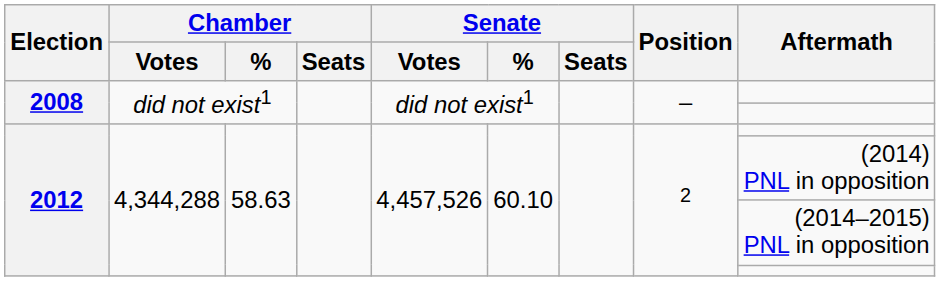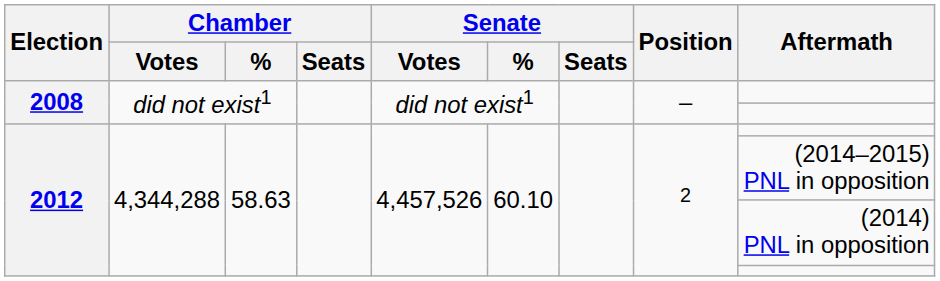 <table class="wikitable" style="text-align: right;">
 <tr>
 <th rowspan="2">Election</th>
 <th colspan="3"><a href='#'>Chamber</a></th>
 <th colspan="3"><a href='#'>Senate</a></th>
 <th rowspan="2">Position</th>
 <th rowspan="2">Aftermath</th>
 </tr>
 <tr>
 <th>Votes</th>
 <th>%</th>
 <th>Seats</th>
 <th>Votes</th>
 <th>%</th>
 <th>Seats</th>
 </tr>
 <tr>
 <th rowspan=2><a href='#'>2008</a></th>
 <td rowspan=2; colspan=2; style="text-align: center;"><em>did not exist</em><sup>1</sup></td>
 <td rowspan=2></td>
 <td rowspan=2; colspan=2; style="text-align: center;"><em>did not exist</em><sup>1</sup></td>
 <td rowspan=2></td>
 <td rowspan=2; style="text-align: center;">–</td>
 <td></td>
 </tr>
 <tr>
 <td></td>
 </tr>
 <tr>
 <th rowspan=4><a href='#'>2012</a></th>
 <td rowspan=4>4,344,288</td>
 <td rowspan=4>58.63</td>
 <td rowspan=4></td>
 <td rowspan=4>4,457,526</td>
 <td rowspan=4>60.10</td>
 <td rowspan=4></td>
 <td rowspan=4; style="text-align: center;"><sup>2</sup></td>
 <td></td>
 </tr>
 <tr>
-<td> (2014)<br><a href='#'>PNL</a> in opposition</td>
+<td> (2014–2015)<br><a href='#'>PNL</a> in opposition</td>
 </tr>
 <tr>
-<td> (2014–2015)<br><a href='#'>PNL</a> in opposition</td>
+<td> (2014)<br><a href='#'>PNL</a> in opposition</td>
 </tr>
 <tr>
 <td></td>
 </tr>
 </table>
